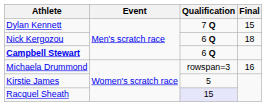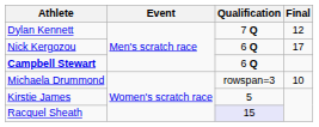 <table class="wikitable" style="font-size:90%;">
 <tr>
 <th>Athlete</th>
 <th>Event</th>
 <th>Qualification</th>
 <th>Final</th>
 </tr>
 <tr align=center>
 <td align=left><a href='#'>Dylan Kennett</a></td>
 <td align=left rowspan=3><a href='#'>Men's scratch race</a></td>
 <td>7 <strong>Q</strong></td>
-<td>15</td>
+<td>12</td>
 </tr>
 <tr align=center>
 <td align=left><a href='#'>Nick Kergozou</a></td>
 <td>6 <strong>Q</strong></td>
-<td>18</td>
+<td>17</td>
 </tr>
 <tr align=center>
 <td align=left><strong><a href='#'>Campbell Stewart</a></strong></td>
 <td>6 <strong>Q</strong></td>
 <td></td>
 </tr>
 <tr align=center>
 <td align=left><a href='#'>Michaela Drummond</a></td>
 <td align=left rowspan=3><a href='#'>Women's scratch race</a></td>
 <td>rowspan=3  </td>
-<td>16</td>
+<td>10</td>
 </tr>
 <tr align=center>
 <td align=left><a href='#'>Kirstie James</a></td>
 <td>5</td>
 </tr>
 <tr align=center>
 <td align=left><a href='#'>Racquel Sheath</a></td>
 <td style="background: lavender;">15</td>
 </tr>
 </table>
